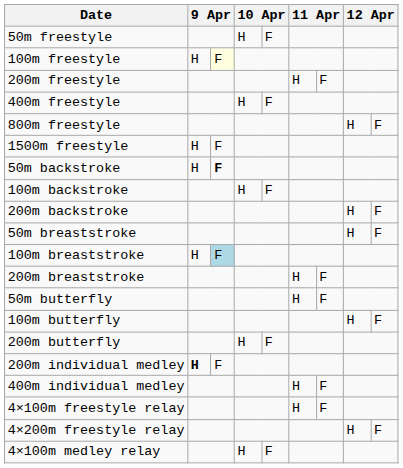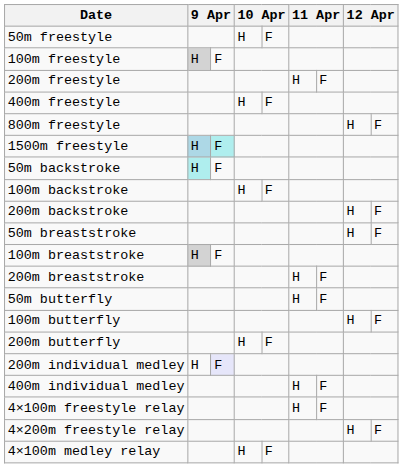 <table class="wikitable swimming-schedule">
 <tr>
 <th scope="row">Date</th>
 <th scope="col" colspan="2">9 Apr</th>
 <th scope="col" colspan="2">10 Apr</th>
 <th scope="col" colspan="2">11 Apr</th>
 <th scope="col" colspan="2">12 Apr</th>
 </tr>
 <tr>
 <td class="event">50m freestyle</td>
 <td colspan=2></td>
 <td class="heats">H</td>
 <td class="final">F</td>
 <td colspan=2></td>
 <td colspan=2></td>
 </tr>
 <tr>
 <td class="event">100m freestyle</td>
-<td class="heats">H</td>
-<td class="final" style="background: lightyellow;">F</td>
+<td class="heats" style="background: lightgrey;">H</td>
+<td class="final">F</td>
 <td colspan=2></td>
 <td colspan=2></td>
 <td colspan=2></td>
 </tr>
 <tr>
 <td class="event">200m freestyle</td>
 <td colspan=2></td>
 <td colspan=2></td>
 <td class="heats">H</td>
 <td class="final">F</td>
 <td colspan=2></td>
 </tr>
 <tr>
 <td class="event">400m freestyle</td>
 <td colspan=2></td>
 <td class="heats">H</td>
 <td class="final">F</td>
 <td colspan=2></td>
 <td colspan=2></td>
 </tr>
 <tr>
 <td class="event">800m freestyle</td>
 <td colspan=2></td>
 <td colspan=2></td>
 <td colspan=2></td>
 <td class="heats">H</td>
 <td class="final">F</td>
 </tr>
 <tr>
 <td class="event">1500m freestyle</td>
-<td class="heats">H</td>
-<td class="final">F</td>
+<td class="heats" style="background: lightblue;">H</td>
+<td class="final" style="background: paleturquoise;">F</td>
 <td colspan=2></td>
 <td colspan=2></td>
 <td colspan=2></td>
 </tr>
 <tr>
 <td class="event">50m backstroke</td>
-<td class="heats">H</td>
-<td class="final"><strong>F</strong></td>
+<td class="heats" style="background: paleturquoise;">H</td>
+<td class="final">F</td>
 <td colspan=2></td>
 <td colspan=2></td>
 <td colspan=2></td>
 </tr>
 <tr>
 <td class="event">100m backstroke</td>
 <td colspan=2></td>
 <td class="heats">H</td>
 <td class="final">F</td>
 <td colspan=2></td>
 <td colspan=2></td>
 </tr>
 <tr>
 <td class="event">200m backstroke</td>
 <td colspan=2></td>
 <td colspan=2></td>
 <td colspan=2></td>
 <td class="heats">H</td>
 <td class="final">F</td>
 </tr>
 <tr>
 <td class="event">50m breaststroke</td>
 <td colspan=2></td>
 <td colspan=2></td>
 <td colspan=2></td>
 <td class="heats">H</td>
 <td class="final">F</td>
 </tr>
 <tr>
 <td class="event">100m breaststroke</td>
-<td class="heats">H</td>
-<td class="final" style="background: lightblue;">F</td>
+<td class="heats" style="background: lightgrey;">H</td>
+<td class="final">F</td>
 <td colspan=2></td>
 <td colspan=2></td>
 <td colspan=2></td>
 </tr>
 <tr>
 <td class="event">200m breaststroke</td>
 <td colspan=2></td>
 <td colspan=2></td>
 <td class="heats">H</td>
 <td class="final">F</td>
 <td colspan=2></td>
 </tr>
 <tr>
 <td class="event">50m butterfly</td>
 <td colspan=2></td>
 <td colspan=2></td>
 <td class="heats">H</td>
 <td class="final">F</td>
 <td colspan=2></td>
 </tr>
 <tr>
 <td class="event">100m butterfly</td>
 <td colspan=2></td>
 <td colspan=2></td>
 <td colspan=2></td>
 <td class="heats">H</td>
 <td class="final">F</td>
 </tr>
 <tr>
 <td class="event">200m butterfly</td>
 <td colspan=2></td>
 <td class="heats">H</td>
 <td class="final">F</td>
 <td colspan=2></td>
 <td colspan=2></td>
 </tr>
 <tr>
 <td class="event">200m individual medley</td>
-<td class="heats"><strong>H</strong></td>
-<td class="final">F</td>
+<td class="heats">H</td>
+<td class="final" style="background: lavender;">F</td>
 <td colspan=2></td>
 <td colspan=2></td>
 <td colspan=2></td>
 </tr>
 <tr>
 <td class="event">400m individual medley</td>
 <td colspan=2></td>
 <td colspan=2></td>
 <td class="heats">H</td>
 <td class="final">F</td>
 <td colspan=2></td>
 </tr>
 <tr>
 <td class="event">4×100m freestyle relay</td>
 <td colspan=2></td>
 <td colspan=2></td>
 <td class="heats">H</td>
 <td class="final">F</td>
 <td colspan=2></td>
 </tr>
 <tr>
 <td class="event">4×200m freestyle relay</td>
 <td colspan=2></td>
 <td colspan=2></td>
 <td colspan=2></td>
 <td class="heats">H</td>
 <td class="final">F</td>
 </tr>
 <tr>
 <td class="event">4×100m medley relay</td>
 <td colspan=2></td>
 <td class="heats">H</td>
 <td class="final">F</td>
 <td colspan=2></td>
 <td colspan=2></td>
 </tr>
 </table>
